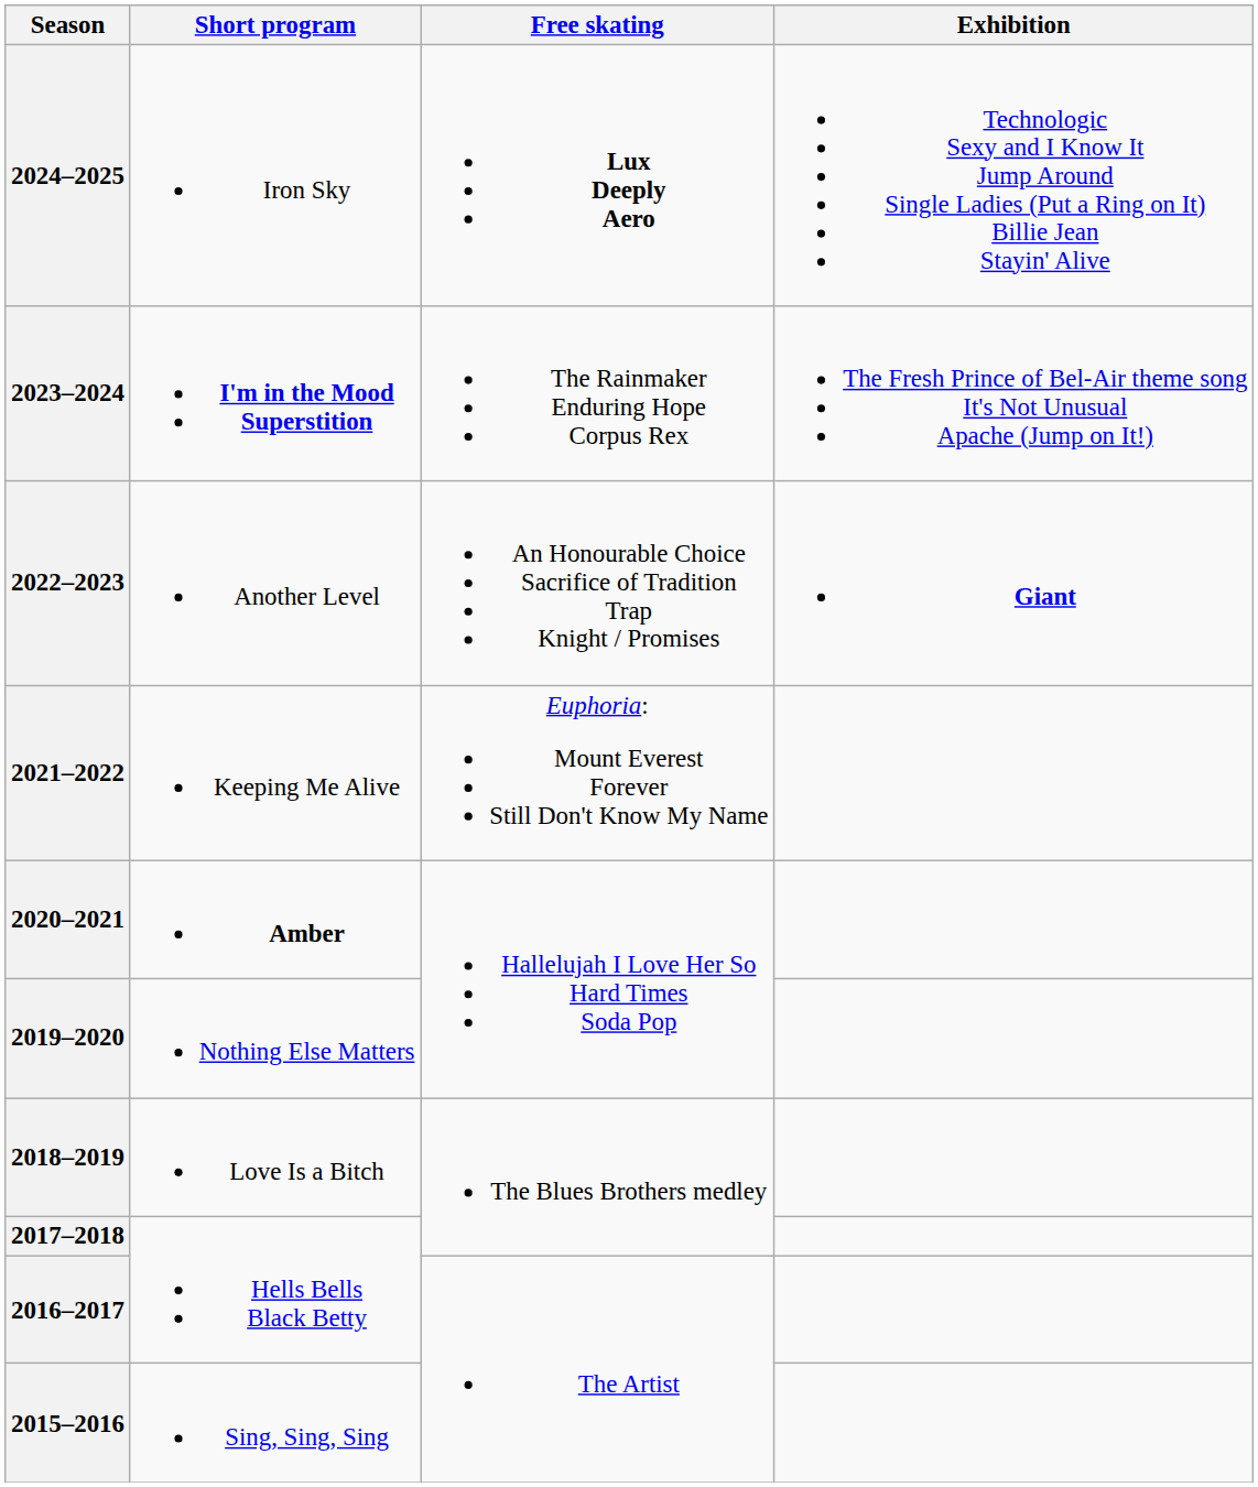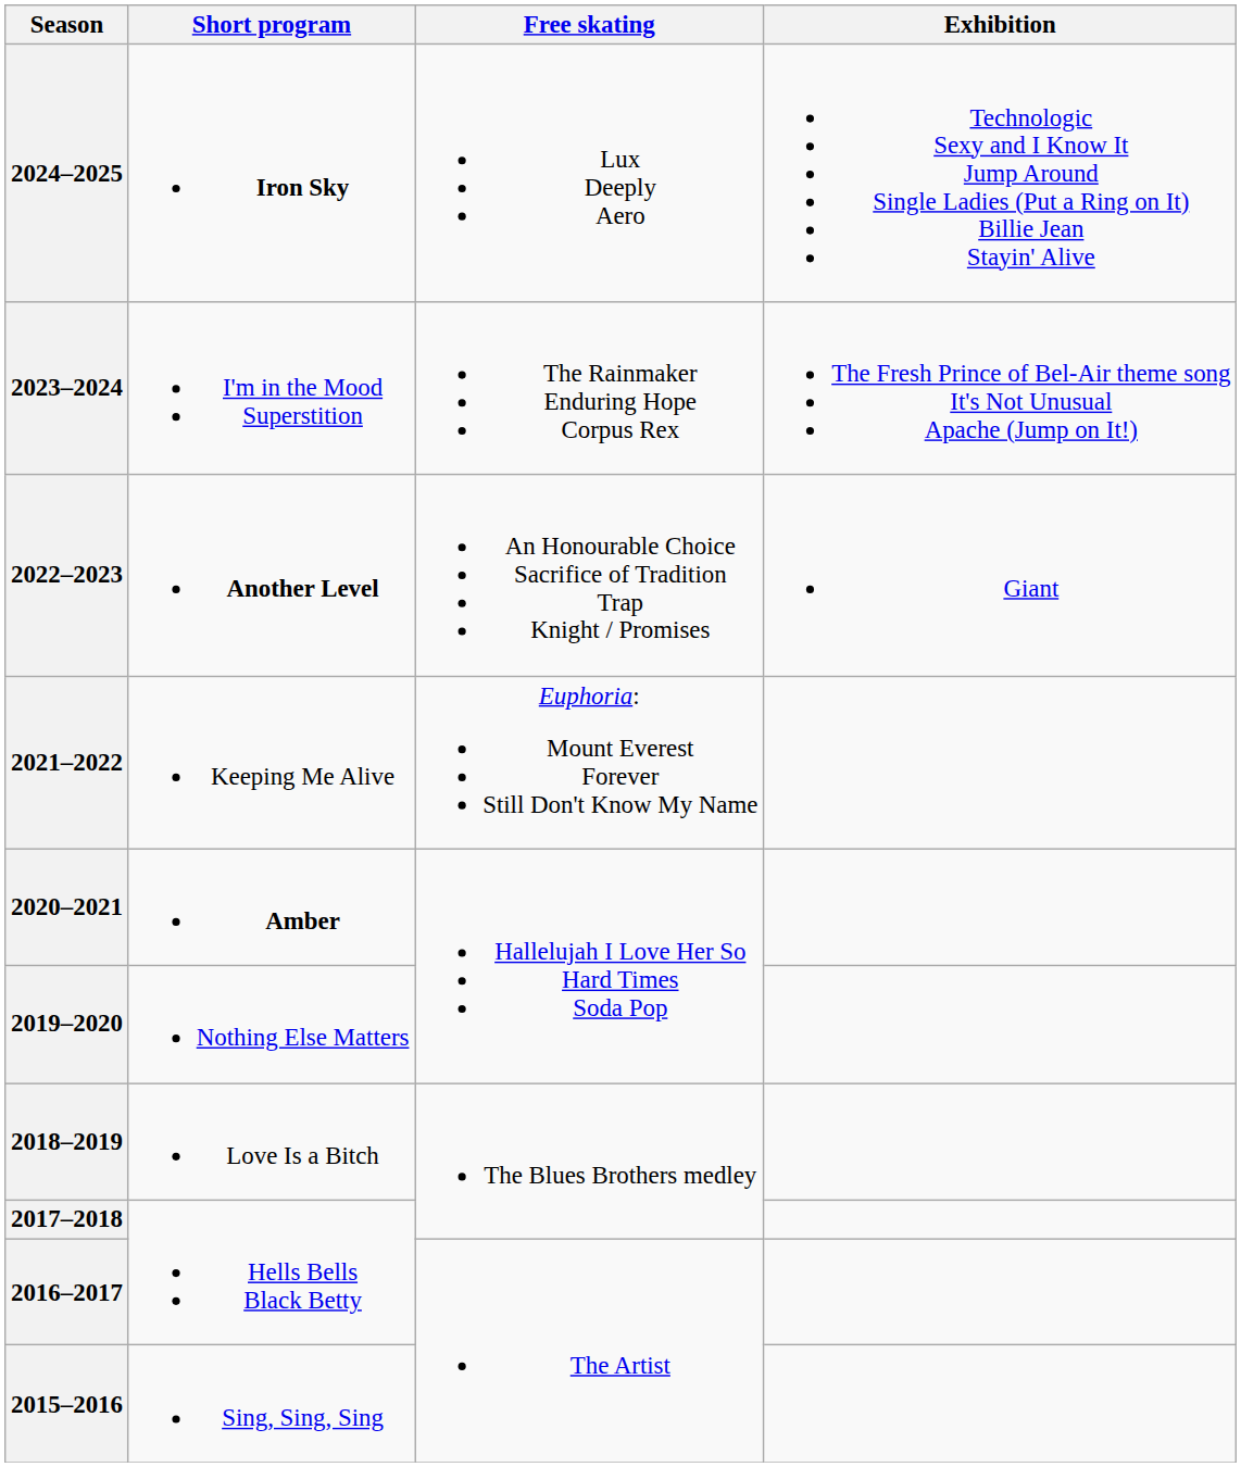 <table class=wikitable style=text-align:center>
 <tr>
 <th>Season</th>
 <th><a href='#'>Short program</a></th>
 <th><a href='#'>Free skating</a></th>
 <th>Exhibition</th>
 </tr>
 <tr>
 <th>2024–2025 <br> </th>
-<td><br><ul><li>Iron Sky<br></li></ul></td>
-<td><strong><br><ul><li>Lux</li><li>Deeply</li><li>Aero<br> </li></ul></strong></td>
+<td><strong><br><ul><li>Iron Sky<br></li></ul></strong></td>
+<td><br><ul><li>Lux</li><li>Deeply</li><li>Aero<br> </li></ul></td>
 <td><br><ul><li><a href='#'>Technologic</a> <br> </li><li><a href='#'>Sexy and I Know It</a> <br> </li><li><a href='#'>Jump Around</a> <br> </li><li><a href='#'>Single Ladies (Put a Ring on It)</a> <br> </li><li><a href='#'>Billie Jean</a> <br> </li><li><a href='#'>Stayin' Alive</a> <br> </li></ul></td>
 </tr>
 <tr>
 <th>2023–2024 <br> </th>
-<td><strong><br><ul><li><a href='#'>I'm in the Mood</a> <br></li><li><a href='#'>Superstition</a> <br> </li></ul></strong></td>
+<td><br><ul><li><a href='#'>I'm in the Mood</a> <br></li><li><a href='#'>Superstition</a> <br> </li></ul></td>
 <td><br><ul><li>The Rainmaker <br></li><li>Enduring Hope <br> </li><li>Corpus Rex <br> </li></ul></td>
 <td><br><ul><li><a href='#'>The Fresh Prince of Bel-Air theme song</a> <br></li><li><a href='#'>It's Not Unusual</a> <br> </li><li><a href='#'>Apache (Jump on It!)</a><br> </li></ul></td>
 </tr>
 <tr>
 <th>2022–2023 <br> </th>
-<td><br><ul><li>Another Level <br></li></ul></td>
+<td><strong><br><ul><li>Another Level <br></li></ul></strong></td>
 <td><br><ul><li>An Honourable Choice <br> </li><li>Sacrifice of Tradition <br> </li><li>Trap <br> </li><li>Knight / Promises <br> </li></ul></td>
-<td><strong><br><ul><li><a href='#'>Giant</a> <br></li></ul></strong></td>
+<td><br><ul><li><a href='#'>Giant</a> <br></li></ul></td>
 </tr>
 <tr>
 <th>2021–2022 <br> </th>
 <td><br><ul><li>Keeping Me Alive <br></li></ul></td>
 <td><em><a href='#'>Euphoria</a></em>:<br><ul><li>Mount Everest</li><li>Forever</li><li>Still Don't Know My Name <br> </li></ul></td>
 <td></td>
 </tr>
 <tr>
 <th>2020–2021 <br> </th>
 <td><strong><br><ul><li>Amber <br></li></ul></strong></td>
 <td rowspan="2"><br><ul><li><a href='#'>Hallelujah I Love Her So</a></li><li><a href='#'>Hard Times</a> <br> </li><li><a href='#'>Soda Pop</a> <br> </li></ul></td>
 <td></td>
 </tr>
 <tr>
 <th>2019–2020 <br> </th>
 <td><br><ul><li><a href='#'>Nothing Else Matters</a> <br></li></ul></td>
 <td></td>
 </tr>
 <tr>
 <th>2018–2019 <br> </th>
 <td><br><ul><li>Love Is a Bitch <br></li></ul></td>
 <td rowspan="2"><br><ul><li>The Blues Brothers medley </li></ul></td>
 <td></td>
 </tr>
 <tr>
 <th>2017–2018 <br> </th>
 <td rowspan="2"><br><ul><li><a href='#'>Hells Bells</a> <br></li><li><a href='#'>Black Betty</a> <br></li></ul></td>
 <td></td>
 </tr>
 <tr>
 <th>2016–2017 <br> </th>
 <td rowspan=2><br><ul><li><a href='#'>The Artist</a> <br></li></ul></td>
 <td></td>
 </tr>
 <tr>
 <th>2015–2016 <br> </th>
 <td><br><ul><li><a href='#'>Sing, Sing, Sing</a> <br></li></ul></td>
 <td></td>
 </tr>
 </table>
